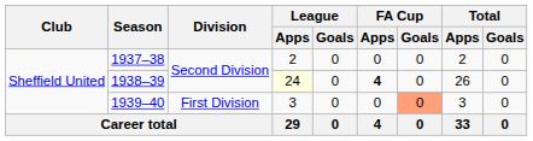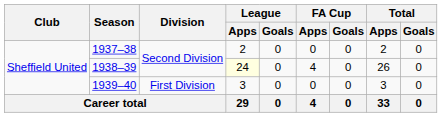 <table class="wikitable" style="text-align:center;">
 <tr>
 <th rowspan="2">Club</th>
 <th rowspan="2">Season</th>
 <th rowspan="2">Division</th>
 <th colspan="2">League</th>
 <th colspan="2">FA Cup</th>
 <th colspan="2">Total</th>
 </tr>
 <tr>
 <th>Apps</th>
 <th>Goals</th>
 <th>Apps</th>
 <th>Goals</th>
 <th>Apps</th>
 <th>Goals</th>
 </tr>
 <tr>
 <td rowspan="3"><a href='#'>Sheffield United</a></td>
 <td><a href='#'>1937–38</a></td>
 <td rowspan="2"><a href='#'>Second Division</a></td>
 <td>2</td>
 <td>0</td>
 <td>0</td>
 <td>0</td>
 <td>2</td>
 <td>0</td>
 </tr>
 <tr>
 <td><a href='#'>1938–39</a></td>
 <td style="background: lightyellow;">24</td>
 <td>0</td>
-<td><strong>4</strong></td>
+<td>4</td>
 <td>0</td>
 <td>26</td>
 <td>0</td>
 </tr>
 <tr>
 <td><a href='#'>1939–40</a></td>
 <td><a href='#'>First Division</a></td>
 <td>3</td>
 <td>0</td>
 <td>0</td>
-<td style="background: lightsalmon;">0</td>
+<td>0</td>
 <td>3</td>
 <td>0</td>
 </tr>
 <tr>
 <th colspan="3">Career total</th>
 <th>29</th>
 <th>0</th>
 <th>4</th>
 <th>0</th>
 <th>33</th>
 <th>0</th>
 </tr>
 </table>
